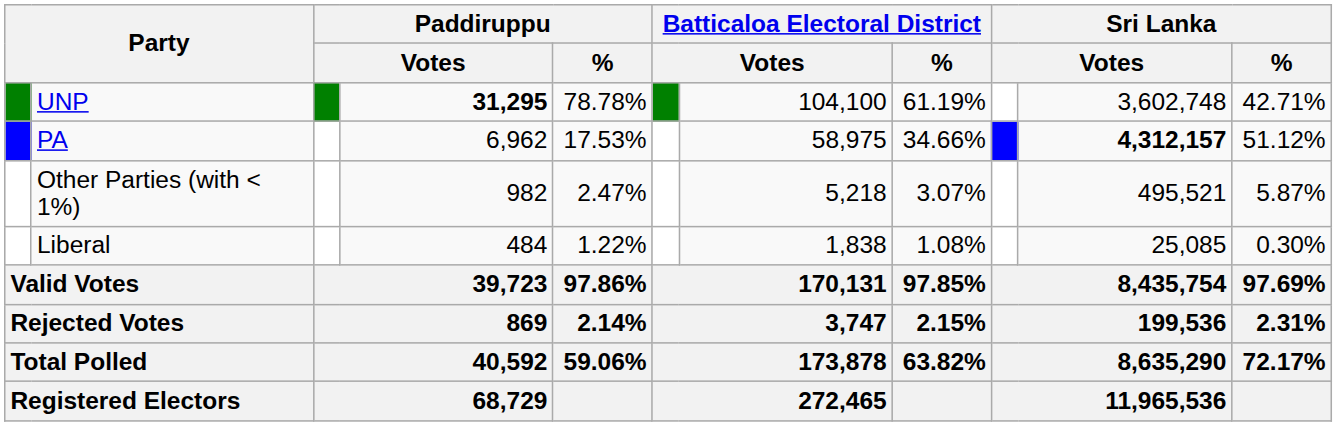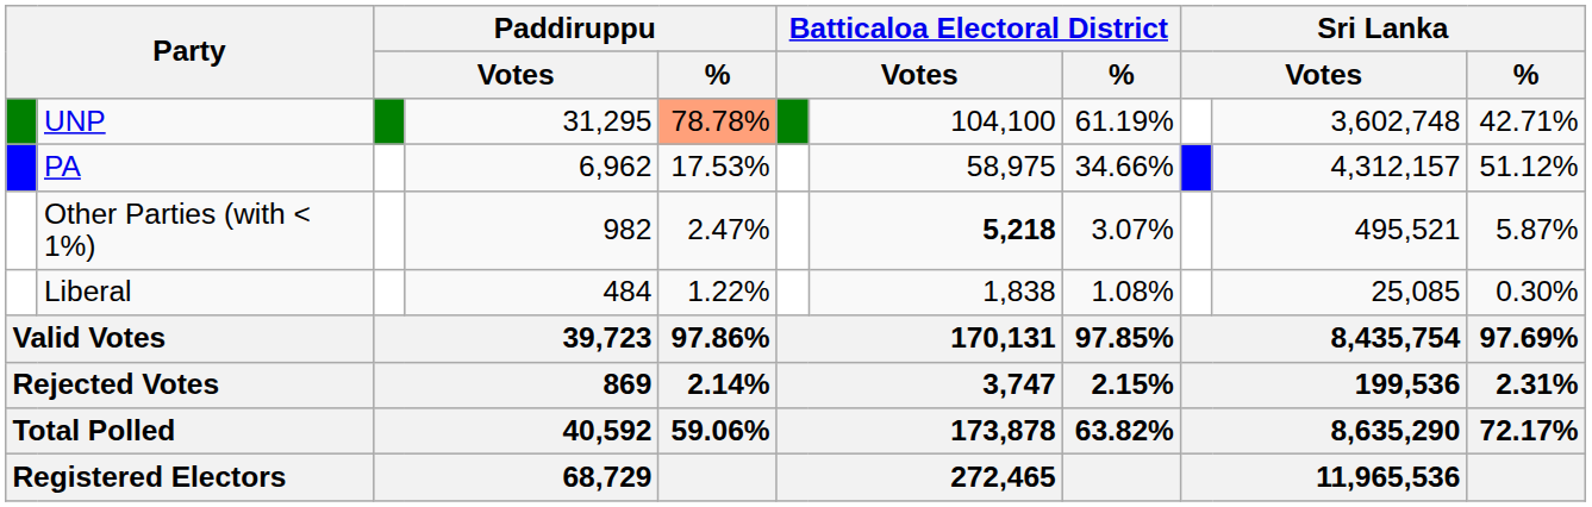 <table class="wikitable">
 <tr>
 <th colspan="2" width="144px"rowspan="2">Party</th>
 <th colspan="3" width="216px">Paddiruppu</th>
 <th colspan="3" width="216px"><a href='#'>Batticaloa Electoral District</a></th>
 <th colspan="3" width="216px">Sri Lanka</th>
 </tr>
 <tr>
 <th colspan="2" width="144px">Votes</th>
 <th>%</th>
 <th colspan="2" width="144px">Votes</th>
 <th>%</th>
 <th colspan="2" width="144px">Votes</th>
 <th>%</th>
 </tr>
 <tr>
 <td style="background-color:green;" width="10px"></td>
 <td style="text-align:left;"><a href='#'>UNP</a></td>
 <td style="background-color:green;" width="10px"></td>
-<td style="text-align:right;"><strong>31,295</strong></td>
-<td style="text-align:right;">78.78%</td>
+<td style="text-align:right;">31,295</td>
+<td style="background: lightsalmon; text-align:right;">78.78%</td>
 <td style="background-color:green;" width="10px"></td>
 <td style="text-align:right;">104,100</td>
 <td style="text-align:right;">61.19%</td>
 <td style="background-color:white;" width="10px"></td>
 <td style="text-align:right;">3,602,748</td>
 <td style="text-align:right;">42.71%</td>
 </tr>
 <tr>
 <td style="background-color:blue;" width="10px"></td>
 <td style="text-align:left;"><a href='#'>PA</a></td>
 <td style="background-color:white;" width="10px"></td>
 <td style="text-align:right;">6,962</td>
 <td style="text-align:right;">17.53%</td>
 <td style="background-color:white;" width="10px"></td>
 <td style="text-align:right;">58,975</td>
 <td style="text-align:right;">34.66%</td>
 <td style="background-color:blue;" width="10px"></td>
-<td style="text-align:right;"><strong>4,312,157</strong></td>
+<td style="text-align:right;">4,312,157</td>
 <td style="text-align:right;">51.12%</td>
 </tr>
 <tr>
 <td style="background-color:white;" width="10px"></td>
 <td style="text-align:left;">Other Parties (with < 1%)</td>
 <td style="background-color:white;" width="10px"></td>
 <td style="text-align:right;">982</td>
 <td style="text-align:right;">2.47%</td>
 <td style="background-color:white;" width="10px"></td>
-<td style="text-align:right;">5,218</td>
+<td style="text-align:right;"><strong>5,218</strong></td>
 <td style="text-align:right;">3.07%</td>
 <td style="background-color:white;" width="10px"></td>
 <td style="text-align:right;">495,521</td>
 <td style="text-align:right;">5.87%</td>
 </tr>
 <tr>
 <td style="background-color:white;" width="10px"></td>
 <td style="text-align:left;">Liberal</td>
 <td style="background-color:white;" width="10px"></td>
 <td style="text-align:right;">484</td>
 <td style="text-align:right;">1.22%</td>
 <td style="background-color:white;" width="10px"></td>
 <td style="text-align:right;">1,838</td>
 <td style="text-align:right;">1.08%</td>
 <td style="background-color:white;" width="10px"></td>
 <td style="text-align:right;">25,085</td>
 <td style="text-align:right;">0.30%</td>
 </tr>
 <tr>
 <th colspan="2" width="144px"style="text-align:left;">Valid Votes</th>
 <th style="text-align:right;"colspan="2" width="144px">39,723</th>
 <th style="text-align:right;">97.86%</th>
 <th style="text-align:right;"colspan="2" width="144px">170,131</th>
 <th style="text-align:right;">97.85%</th>
 <th style="text-align:right;"colspan="2" width="144px">8,435,754</th>
 <th style="text-align:right;">97.69%</th>
 </tr>
 <tr>
 <th colspan="2" width="144px"style="text-align:left;">Rejected Votes</th>
 <th style="text-align:right;"colspan="2" width="144px">869</th>
 <th style="text-align:right;">2.14%</th>
 <th style="text-align:right;"colspan="2" width="144px">3,747</th>
 <th style="text-align:right;">2.15%</th>
 <th style="text-align:right;"colspan="2" width="144px">199,536</th>
 <th style="text-align:right;">2.31%</th>
 </tr>
 <tr>
 <th colspan="2" width="144px"style="text-align:left;">Total Polled</th>
 <th style="text-align:right;"colspan="2" width="144px">40,592</th>
 <th style="text-align:right;">59.06%</th>
 <th style="text-align:right;"colspan="2" width="144px">173,878</th>
 <th style="text-align:right;">63.82%</th>
 <th style="text-align:right;"colspan="2" width="144px">8,635,290</th>
 <th style="text-align:right;">72.17%</th>
 </tr>
 <tr>
 <th colspan="2" width="144px"style="text-align:left;">Registered Electors</th>
 <th style="text-align:right;"colspan="2" width="144px">68,729</th>
 <th></th>
 <th style="text-align:right;"colspan="2" width="144px">272,465</th>
 <th></th>
 <th style="text-align:right;"colspan="2" width="144px">11,965,536</th>
 <th></th>
 </tr>
 </table>
